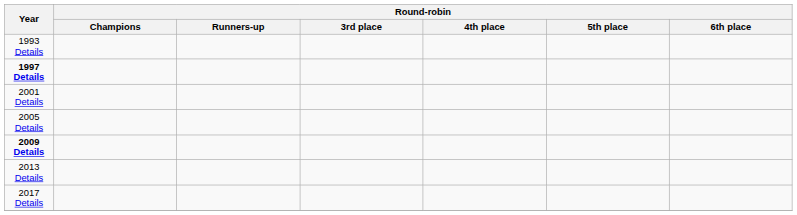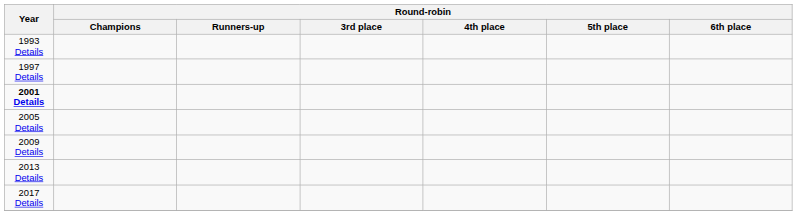 <table class="wikitable" style="font-size:90%; width:96%; text-align:center;">
 <tr>
 <th rowspan=2 width=6%>Year</th>
 <th colspan=7>Round-robin</th>
 </tr>
 <tr>
 <th width=15%>Champions</th>
 <th width=15%>Runners-up</th>
 <th width=15%>3rd place</th>
 <th width=15%>4th place</th>
 <th width=15%>5th place</th>
 <th width=15%>6th place</th>
 </tr>
 <tr>
 <td>1993<br><a href='#'>Details</a></td>
 <td><strong></strong></td>
 <td></td>
 <td></td>
 <td></td>
 <td></td>
 <td></td>
 </tr>
 <tr>
-<td><strong>1997<br><a href='#'>Details</a></strong></td>
+<td>1997<br><a href='#'>Details</a></td>
 <td><strong></strong></td>
 <td></td>
 <td></td>
 <td></td>
 <td></td>
 <td></td>
 </tr>
 <tr>
-<td>2001<br><a href='#'>Details</a></td>
+<td><strong>2001<br><a href='#'>Details</a></strong></td>
 <td><strong></strong></td>
 <td></td>
 <td></td>
 <td></td>
 <td></td>
 <td></td>
 </tr>
 <tr>
 <td>2005<br><a href='#'>Details</a></td>
 <td><strong></strong></td>
 <td></td>
 <td></td>
 <td></td>
 <td></td>
 <td></td>
 </tr>
 <tr>
-<td><strong>2009<br><a href='#'>Details</a></strong></td>
+<td>2009<br><a href='#'>Details</a></td>
 <td><strong></strong></td>
 <td></td>
 <td></td>
 <td></td>
 <td></td>
 <td></td>
 </tr>
 <tr>
 <td>2013<br><a href='#'>Details</a></td>
 <td><strong></strong></td>
 <td></td>
 <td></td>
 <td></td>
 <td></td>
 <td></td>
 </tr>
 <tr>
 <td>2017<br><a href='#'>Details</a></td>
 <td><strong></strong></td>
 <td></td>
 <td></td>
 <td></td>
 <td></td>
 <td></td>
 </tr>
 <tr>
 </tr>
 </table>
